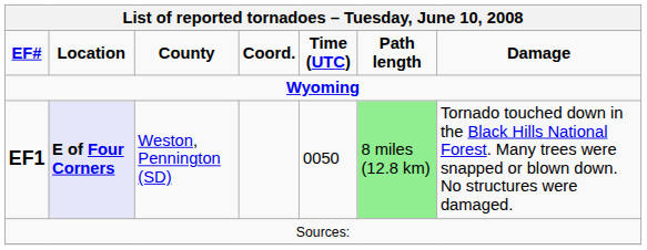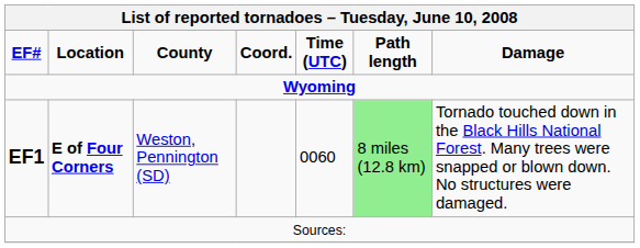 <table class="wikitable collapsible" width="100%">
 <tr>
 <th colspan="7">List of reported tornadoes – Tuesday, June 10, 2008</th>
 </tr>
 <tr>
 <td style="text-align:center;"><strong><a href='#'>EF#</a></strong></td>
 <td style="text-align:center;"><strong>Location</strong></td>
 <td style="text-align:center;"><strong>County</strong></td>
 <td style="text-align:center;"><strong>Coord.</strong></td>
 <td style="text-align:center;"><strong>Time (<a href='#'>UTC</a>)</strong></td>
 <td style="text-align:center;"><strong>Path length</strong></td>
 <td style="text-align:center;"><strong>Damage</strong></td>
 </tr>
 <tr>
 <td colspan="7" align=center><strong><a href='#'>Wyoming</a></strong></td>
 </tr>
 <tr>
 <td><big><strong>EF1</strong></big></td>
-<td style="background: lavender;"><strong>E of <a href='#'>Four Corners</a></strong></td>
+<td><strong>E of <a href='#'>Four Corners</a></strong></td>
 <td><a href='#'>Weston</a>, <a href='#'>Pennington (SD)</a></td>
 <td></td>
-<td>0050</td>
+<td>0060</td>
 <td style="background: lightgreen;">8 miles<br>(12.8 km)</td>
 <td>Tornado touched down in the <a href='#'>Black Hills National Forest</a>. Many trees were snapped or blown down. No structures were damaged.</td>
 </tr>
 <tr>
 <td colspan="7" align=center><small>Sources:  </small></td>
 </tr>
 <tr>
 </tr>
 </table>
